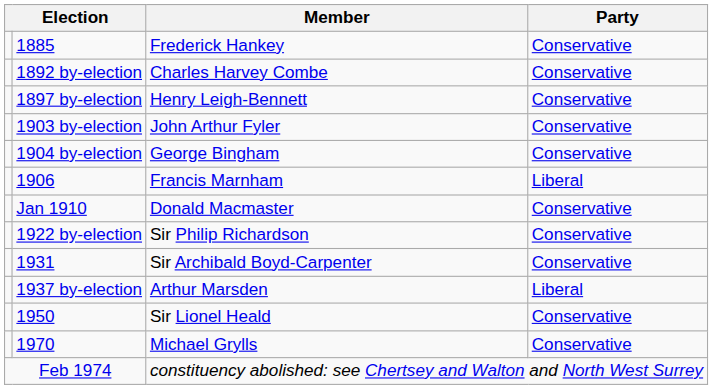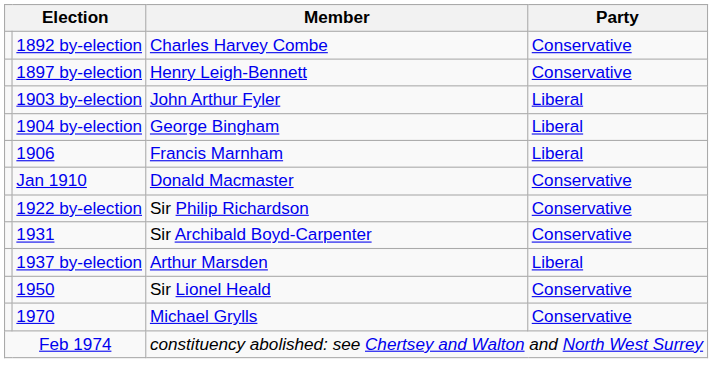 <table class="wikitable">
 <tr>
 <th colspan="2">Election</th>
 <th>Member</th>
 <th>Party</th>
-</tr>
-<tr>
-<td style="color:inherit;background-color: "></td>
-<td><a href='#'>1885</a></td>
-<td><a href='#'>Frederick Hankey</a></td>
-<td><a href='#'>Conservative</a></td>
 </tr>
 <tr>
 <td style="color:inherit;background-color: "></td>
 <td><a href='#'>1892 by-election</a></td>
 <td><a href='#'>Charles Harvey Combe</a></td>
 <td><a href='#'>Conservative</a></td>
 </tr>
 <tr>
 <td style="color:inherit;background-color: "></td>
 <td><a href='#'>1897 by-election</a></td>
 <td><a href='#'>Henry Leigh-Bennett</a></td>
 <td><a href='#'>Conservative</a></td>
 </tr>
 <tr>
 <td style="color:inherit;background-color: "></td>
 <td><a href='#'>1903 by-election</a></td>
 <td><a href='#'>John Arthur Fyler</a></td>
-<td><a href='#'>Conservative</a></td>
+<td><a href='#'>Liberal</a></td>
 </tr>
 <tr>
 <td style="color:inherit;background-color: "></td>
 <td><a href='#'>1904 by-election</a></td>
 <td> <a href='#'>George Bingham</a></td>
-<td><a href='#'>Conservative</a></td>
+<td><a href='#'>Liberal</a></td>
 </tr>
 <tr>
 <td style="color:inherit;background-color: "></td>
 <td><a href='#'>1906</a></td>
 <td><a href='#'>Francis Marnham</a></td>
 <td><a href='#'>Liberal</a></td>
 </tr>
 <tr>
 <td style="color:inherit;background-color: "></td>
 <td><a href='#'>Jan 1910</a></td>
 <td><a href='#'>Donald Macmaster</a></td>
 <td><a href='#'>Conservative</a></td>
 </tr>
 <tr>
 <td style="color:inherit;background-color: "></td>
 <td><a href='#'>1922 by-election</a></td>
 <td>Sir <a href='#'>Philip Richardson</a></td>
 <td><a href='#'>Conservative</a></td>
 </tr>
 <tr>
 <td style="color:inherit;background-color: "></td>
 <td><a href='#'>1931</a></td>
 <td>Sir <a href='#'>Archibald Boyd-Carpenter</a></td>
 <td><a href='#'>Conservative</a></td>
 </tr>
 <tr>
 <td style="color:inherit;background-color: "></td>
 <td><a href='#'>1937 by-election</a></td>
 <td><a href='#'>Arthur Marsden</a></td>
 <td><a href='#'>Liberal</a></td>
 </tr>
 <tr>
 <td style="color:inherit;background-color: "></td>
 <td><a href='#'>1950</a></td>
 <td>Sir <a href='#'>Lionel Heald</a></td>
 <td><a href='#'>Conservative</a></td>
 </tr>
 <tr>
 <td style="color:inherit;background-color: "></td>
 <td><a href='#'>1970</a></td>
 <td><a href='#'>Michael Grylls</a></td>
 <td><a href='#'>Conservative</a></td>
 </tr>
 <tr>
 <td colspan="2" align="center"><a href='#'>Feb 1974</a></td>
 <td colspan="2"><em>constituency abolished: see <a href='#'>Chertsey and Walton</a> and <a href='#'>North West Surrey</a></em></td>
 </tr>
 </table>
